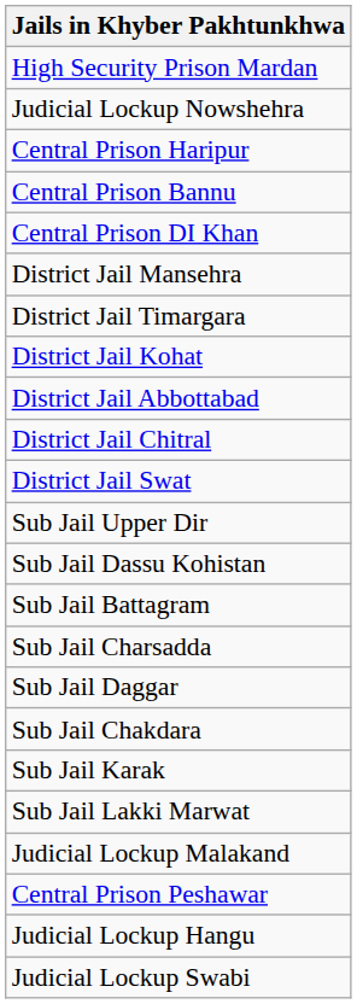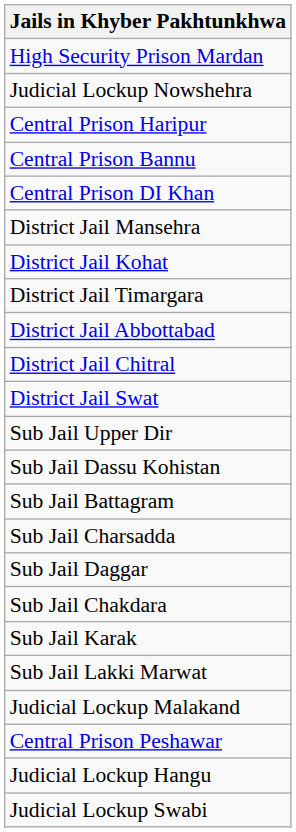 <table class="wikitable">
 <tr>
 <th>Jails in Khyber Pakhtunkhwa</th>
 </tr>
 <tr>
 <td><a href='#'>High Security Prison Mardan</a></td>
 </tr>
 <tr>
 <td>Judicial Lockup Nowshehra</td>
 </tr>
 <tr>
 <td><a href='#'>Central Prison Haripur</a></td>
 </tr>
 <tr>
 <td><a href='#'>Central Prison Bannu</a></td>
 </tr>
 <tr>
 <td><a href='#'>Central Prison DI Khan</a></td>
 </tr>
 <tr>
 <td>District Jail Mansehra</td>
 </tr>
 <tr>
-<td>District Jail Timargara</td>
+<td><a href='#'>District Jail Kohat</a></td>
 </tr>
 <tr>
-<td><a href='#'>District Jail Kohat</a></td>
+<td>District Jail Timargara</td>
 </tr>
 <tr>
 <td><a href='#'>District Jail Abbottabad</a></td>
 </tr>
 <tr>
 <td><a href='#'>District Jail Chitral</a></td>
 </tr>
 <tr>
 <td><a href='#'>District Jail Swat</a></td>
 </tr>
 <tr>
 <td>Sub Jail Upper Dir</td>
 </tr>
 <tr>
 <td>Sub Jail Dassu Kohistan</td>
 </tr>
 <tr>
 <td>Sub Jail Battagram</td>
 </tr>
 <tr>
 <td>Sub Jail Charsadda</td>
 </tr>
 <tr>
 <td>Sub Jail Daggar</td>
 </tr>
 <tr>
 <td>Sub Jail Chakdara</td>
 </tr>
 <tr>
 <td>Sub Jail Karak</td>
 </tr>
 <tr>
 <td>Sub Jail Lakki Marwat</td>
 </tr>
 <tr>
 <td>Judicial Lockup Malakand</td>
 </tr>
 <tr>
 <td><a href='#'>Central Prison Peshawar</a></td>
 </tr>
 <tr>
 <td>Judicial Lockup Hangu</td>
 </tr>
 <tr>
 <td>Judicial Lockup Swabi</td>
 </tr>
 </table>
